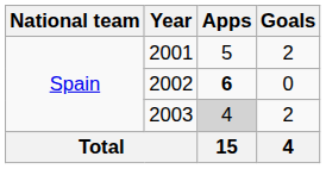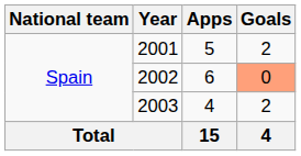 <table class="wikitable" style="text-align:center">
 <tr>
 <th>National team</th>
 <th>Year</th>
 <th>Apps</th>
 <th>Goals</th>
 </tr>
 <tr>
 <td rowspan="3"><a href='#'>Spain</a></td>
 <td>2001</td>
 <td>5</td>
 <td>2</td>
 </tr>
 <tr>
 <td>2002</td>
-<td><strong>6</strong></td>
-<td>0</td>
+<td>6</td>
+<td style="background: lightsalmon;">0</td>
 </tr>
 <tr>
 <td>2003</td>
-<td style="background: lightgrey;">4</td>
+<td>4</td>
 <td>2</td>
 </tr>
 <tr>
 <th colspan="2">Total</th>
 <th>15</th>
 <th>4</th>
 </tr>
 </table>
